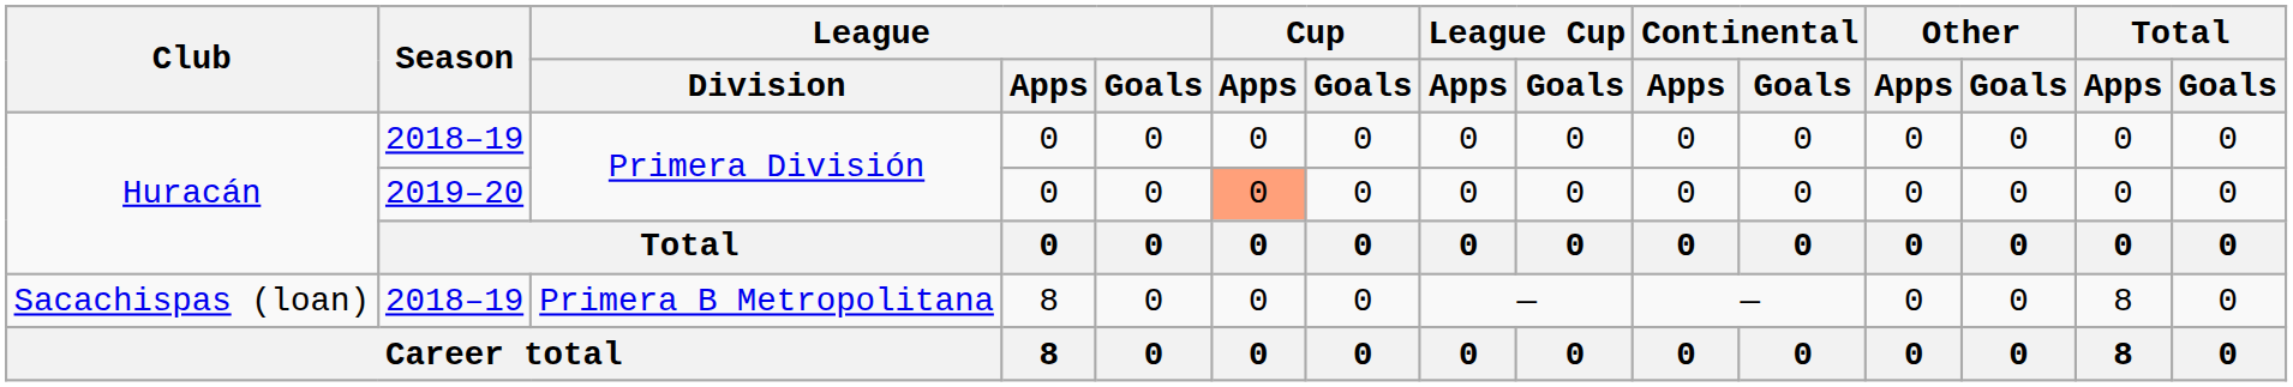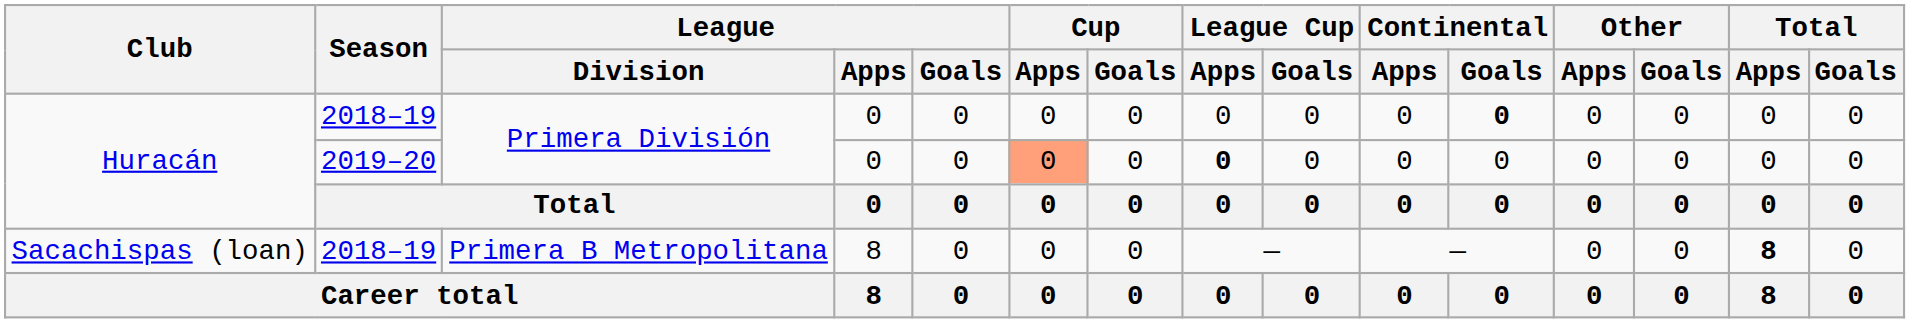 <table class="wikitable" style="text-align:center">
 <tr>
 <th rowspan="2">Club</th>
 <th rowspan="2">Season</th>
 <th colspan="3">League</th>
 <th colspan="2">Cup</th>
 <th colspan="2">League Cup</th>
 <th colspan="2">Continental</th>
 <th colspan="2">Other</th>
 <th colspan="2">Total</th>
 </tr>
 <tr>
 <th>Division</th>
 <th>Apps</th>
 <th>Goals</th>
 <th>Apps</th>
 <th>Goals</th>
 <th>Apps</th>
 <th>Goals</th>
 <th>Apps</th>
 <th>Goals</th>
 <th>Apps</th>
 <th>Goals</th>
 <th>Apps</th>
 <th>Goals</th>
 </tr>
 <tr>
 <td rowspan="3"><a href='#'>Huracán</a></td>
 <td><a href='#'>2018–19</a></td>
 <td rowspan="2"><a href='#'>Primera División</a></td>
 <td>0</td>
 <td>0</td>
 <td>0</td>
 <td>0</td>
 <td>0</td>
 <td>0</td>
 <td>0</td>
-<td>0</td>
+<td><strong>0</strong></td>
 <td>0</td>
 <td>0</td>
 <td>0</td>
 <td>0</td>
 </tr>
 <tr>
 <td><a href='#'>2019–20</a></td>
 <td>0</td>
 <td>0</td>
 <td style="background: lightsalmon;">0</td>
 <td>0</td>
-<td>0</td>
+<td><strong>0</strong></td>
 <td>0</td>
 <td>0</td>
 <td>0</td>
 <td>0</td>
 <td>0</td>
 <td>0</td>
 <td>0</td>
 </tr>
 <tr>
 <th colspan="2">Total</th>
 <th>0</th>
 <th>0</th>
 <th>0</th>
 <th>0</th>
 <th>0</th>
 <th>0</th>
 <th>0</th>
 <th>0</th>
 <th>0</th>
 <th>0</th>
 <th>0</th>
 <th>0</th>
 </tr>
 <tr>
 <td rowspan="1"><a href='#'>Sacachispas</a> (loan)</td>
 <td><a href='#'>2018–19</a></td>
 <td rowspan="1"><a href='#'>Primera B Metropolitana</a></td>
 <td>8</td>
 <td>0</td>
 <td>0</td>
 <td>0</td>
 <td colspan="2">—</td>
 <td colspan="2">—</td>
 <td>0</td>
 <td>0</td>
-<td>8</td>
+<td><strong>8</strong></td>
 <td>0</td>
 </tr>
 <tr>
 <th colspan="3">Career total</th>
 <th>8</th>
 <th>0</th>
 <th>0</th>
 <th>0</th>
 <th>0</th>
 <th>0</th>
 <th>0</th>
 <th>0</th>
 <th>0</th>
 <th>0</th>
 <th>8</th>
 <th>0</th>
 </tr>
 </table>
